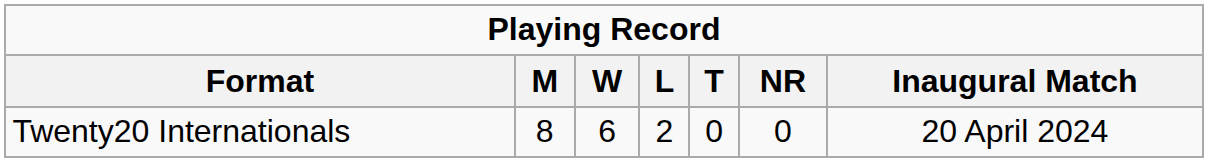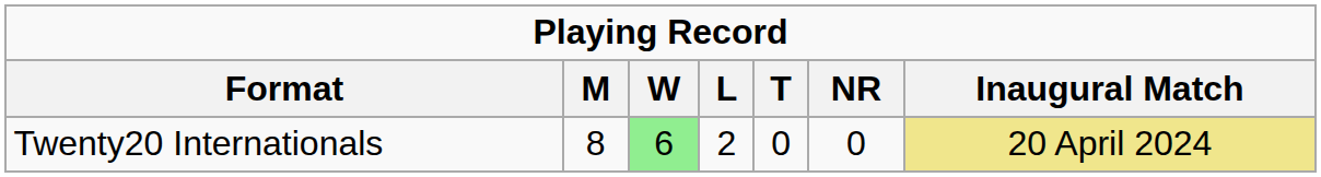 <table class="wikitable" style="text-align: center; width: 600px;">
 <tr>
 <td colspan=7 align="center"><strong>Playing Record</strong></td>
 </tr>
 <tr>
 <th>Format</th>
 <th>M</th>
 <th>W</th>
 <th>L</th>
 <th>T</th>
 <th>NR</th>
 <th>Inaugural Match</th>
 </tr>
 <tr>
 <td align="left">Twenty20 Internationals</td>
 <td>8</td>
-<td>6</td>
+<td style="background: lightgreen;">6</td>
 <td>2</td>
 <td>0</td>
 <td>0</td>
-<td>20 April 2024</td>
+<td style="background: khaki;">20 April 2024</td>
 </tr>
 </table>
